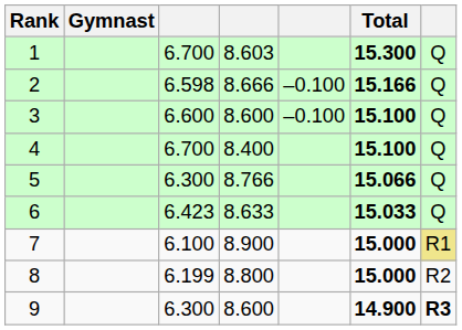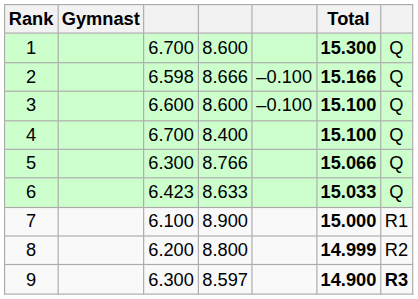 <table class="wikitable sortable" style="text-align:center">
 <tr>
 <th>Rank</th>
 <th>Gymnast</th>
 <th><small></small></th>
 <th><small></small></th>
 <th><small></small></th>
 <th><strong>Total</strong></th>
 <th><small></small></th>
 </tr>
 <tr bgcolor=ccffcc>
 <td>1</td>
 <td align=left></td>
 <td>6.700</td>
-<td>8.603</td>
+<td>8.600</td>
 <td></td>
 <td><strong>15.300</strong></td>
 <td>Q</td>
 </tr>
 <tr bgcolor=ccffcc>
 <td>2</td>
 <td align=left></td>
 <td>6.598</td>
 <td>8.666</td>
 <td>–0.100</td>
 <td><strong>15.166</strong></td>
 <td>Q</td>
 </tr>
 <tr bgcolor=ccffcc>
 <td>3</td>
 <td align=left></td>
 <td>6.600</td>
 <td>8.600</td>
 <td>–0.100</td>
 <td><strong>15.100</strong></td>
 <td>Q</td>
 </tr>
 <tr bgcolor=ccffcc>
 <td>4</td>
 <td align=left></td>
 <td>6.700</td>
 <td>8.400</td>
 <td></td>
 <td><strong>15.100</strong></td>
 <td>Q</td>
 </tr>
 <tr bgcolor=ccffcc>
 <td>5</td>
 <td align=left></td>
 <td>6.300</td>
 <td>8.766</td>
 <td></td>
 <td><strong>15.066</strong></td>
 <td>Q</td>
 </tr>
 <tr bgcolor=ccffcc>
 <td>6</td>
 <td align=left></td>
 <td>6.423</td>
 <td>8.633</td>
 <td></td>
 <td><strong>15.033</strong></td>
 <td>Q</td>
 </tr>
 <tr>
 <td>7</td>
 <td align=left></td>
 <td>6.100</td>
 <td>8.900</td>
 <td></td>
 <td><strong>15.000</strong></td>
-<td style="background: khaki;">R1</td>
+<td>R1</td>
 </tr>
 <tr>
 <td>8</td>
 <td align=left></td>
-<td>6.199</td>
+<td>6.200</td>
 <td>8.800</td>
 <td></td>
-<td><strong>15.000</strong></td>
+<td><strong>14.999</strong></td>
 <td>R2</td>
 </tr>
 <tr>
 <td>9</td>
 <td align=left></td>
 <td>6.300</td>
-<td>8.600</td>
+<td>8.597</td>
 <td></td>
 <td><strong>14.900</strong></td>
 <td><strong>R3</strong></td>
 </tr>
 </table>
